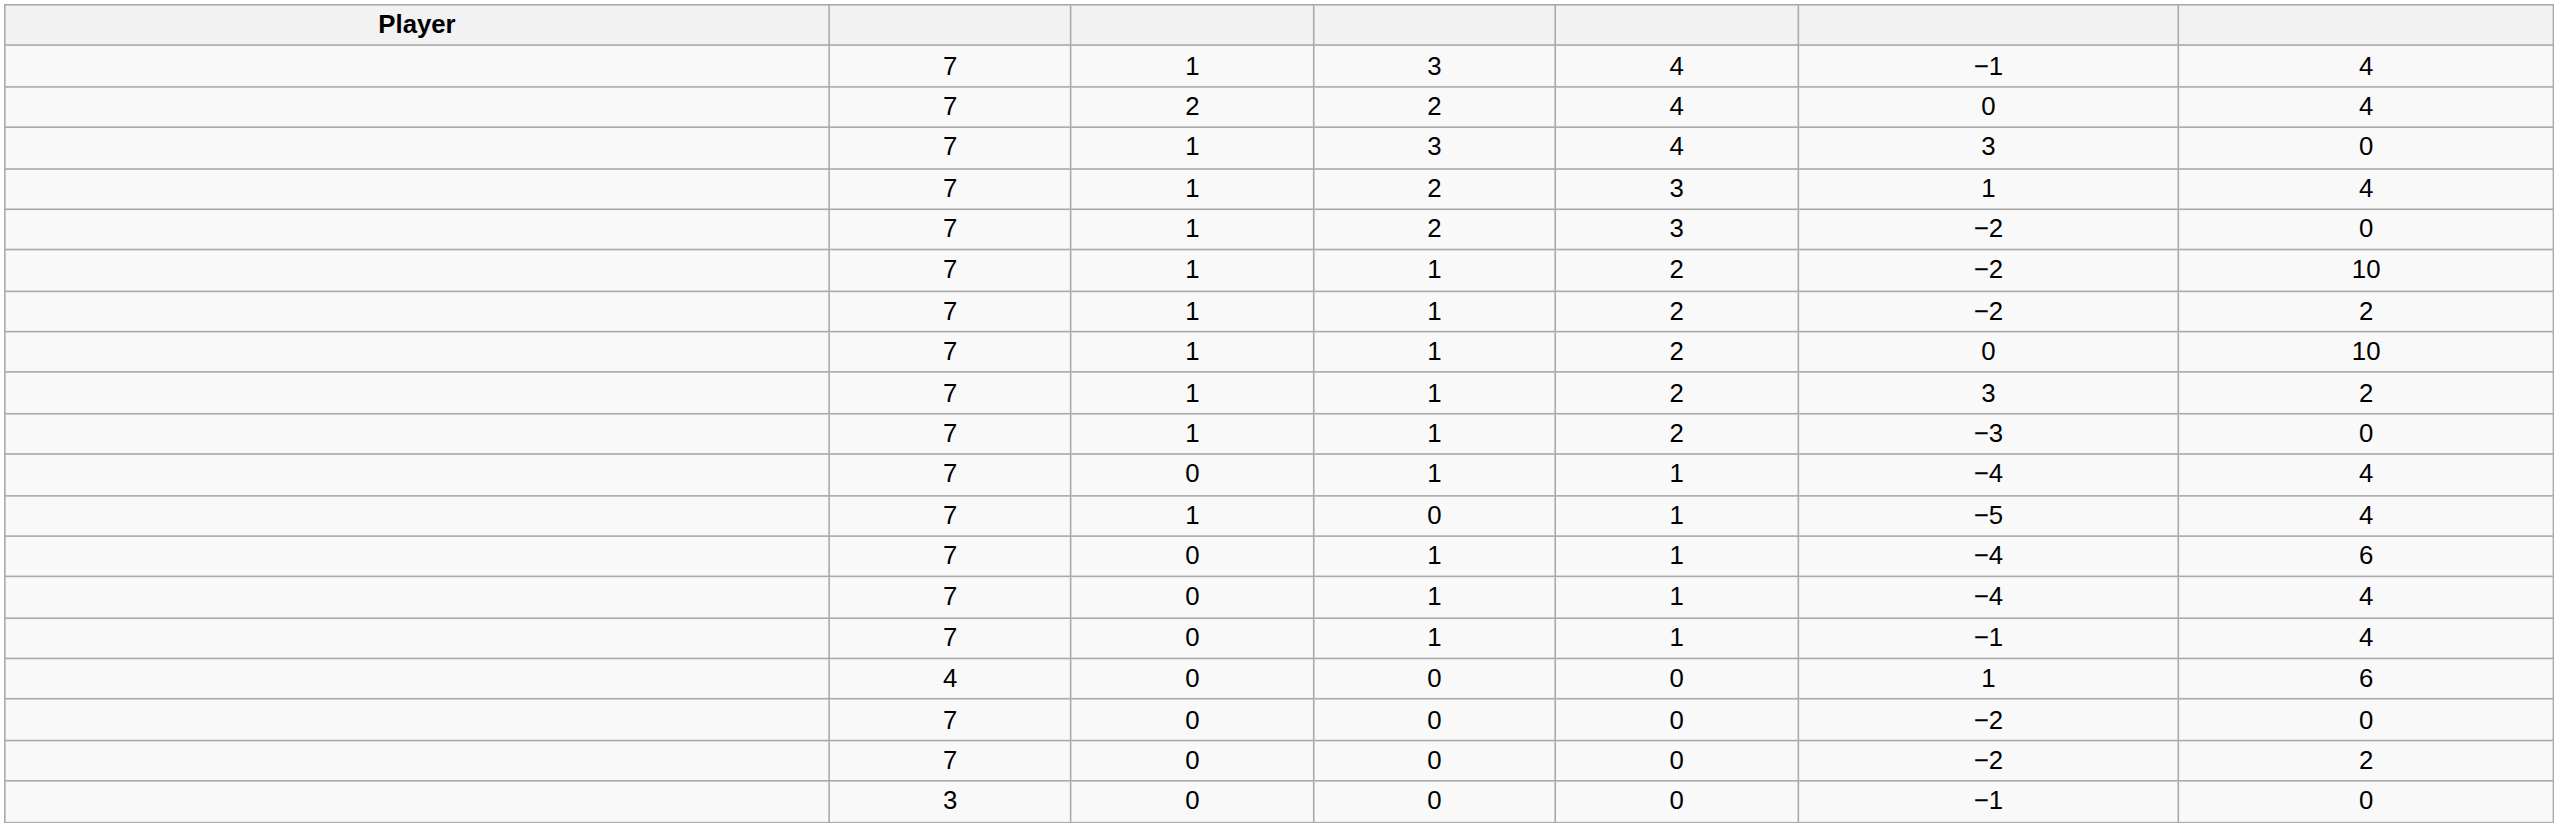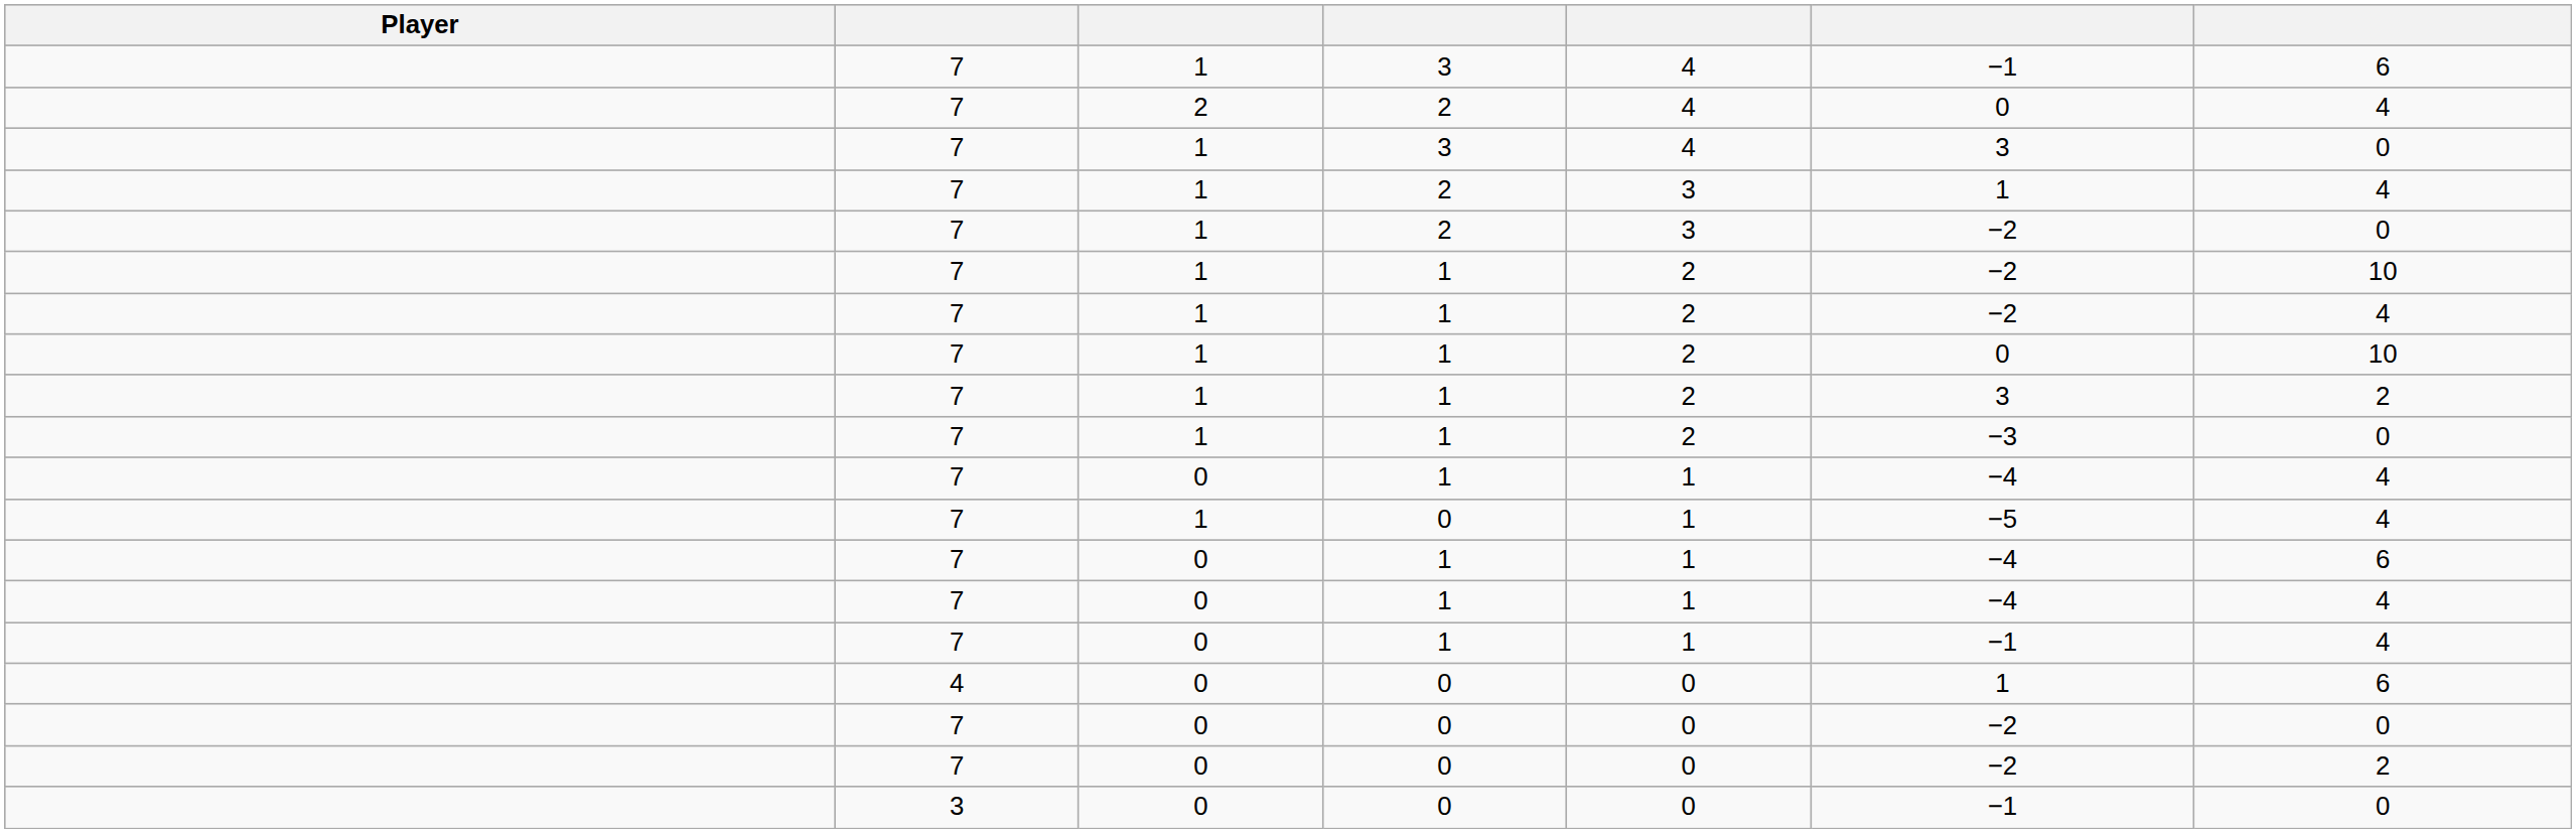 <table class="wikitable sortable" style="width:100%; text-align:center;">
 <tr align=center>
 <th>Player</th>
 <th></th>
 <th></th>
 <th></th>
 <th></th>
 <th data-sort-type="number"></th>
 <th></th>
 </tr>
 <tr>
 <td></td>
 <td>7</td>
 <td>1</td>
 <td>3</td>
 <td>4</td>
 <td>−1</td>
-<td>4</td>
+<td>6</td>
 </tr>
 <tr>
 <td></td>
 <td>7</td>
 <td>2</td>
 <td>2</td>
 <td>4</td>
 <td>0</td>
 <td>4</td>
 </tr>
 <tr>
 <td></td>
 <td>7</td>
 <td>1</td>
 <td>3</td>
 <td>4</td>
 <td>3</td>
 <td>0</td>
 </tr>
 <tr>
 <td></td>
 <td>7</td>
 <td>1</td>
 <td>2</td>
 <td>3</td>
 <td>1</td>
 <td>4</td>
 </tr>
 <tr>
 <td></td>
 <td>7</td>
 <td>1</td>
 <td>2</td>
 <td>3</td>
 <td>−2</td>
 <td>0</td>
 </tr>
 <tr>
 <td></td>
 <td>7</td>
 <td>1</td>
 <td>1</td>
 <td>2</td>
 <td>−2</td>
 <td>10</td>
 </tr>
 <tr>
 <td></td>
 <td>7</td>
 <td>1</td>
 <td>1</td>
 <td>2</td>
 <td>−2</td>
-<td>2</td>
+<td>4</td>
 </tr>
 <tr>
 <td></td>
 <td>7</td>
 <td>1</td>
 <td>1</td>
 <td>2</td>
 <td>0</td>
 <td>10</td>
 </tr>
 <tr>
 <td></td>
 <td>7</td>
 <td>1</td>
 <td>1</td>
 <td>2</td>
 <td>3</td>
 <td>2</td>
 </tr>
 <tr>
 <td></td>
 <td>7</td>
 <td>1</td>
 <td>1</td>
 <td>2</td>
 <td>−3</td>
 <td>0</td>
 </tr>
 <tr>
 <td></td>
 <td>7</td>
 <td>0</td>
 <td>1</td>
 <td>1</td>
 <td>−4</td>
 <td>4</td>
 </tr>
 <tr>
 <td></td>
 <td>7</td>
 <td>1</td>
 <td>0</td>
 <td>1</td>
 <td>−5</td>
 <td>4</td>
 </tr>
 <tr>
 <td></td>
 <td>7</td>
 <td>0</td>
 <td>1</td>
 <td>1</td>
 <td>−4</td>
 <td>6</td>
 </tr>
 <tr>
 <td></td>
 <td>7</td>
 <td>0</td>
 <td>1</td>
 <td>1</td>
 <td>−4</td>
 <td>4</td>
 </tr>
 <tr>
 <td></td>
 <td>7</td>
 <td>0</td>
 <td>1</td>
 <td>1</td>
 <td>−1</td>
 <td>4</td>
 </tr>
 <tr>
 <td></td>
 <td>4</td>
 <td>0</td>
 <td>0</td>
 <td>0</td>
 <td>1</td>
 <td>6</td>
 </tr>
 <tr>
 <td></td>
 <td>7</td>
 <td>0</td>
 <td>0</td>
 <td>0</td>
 <td>−2</td>
 <td>0</td>
 </tr>
 <tr>
 <td></td>
 <td>7</td>
 <td>0</td>
 <td>0</td>
 <td>0</td>
 <td>−2</td>
 <td>2</td>
 </tr>
 <tr>
 <td></td>
 <td>3</td>
 <td>0</td>
 <td>0</td>
 <td>0</td>
 <td>−1</td>
 <td>0</td>
 </tr>
 </table>
